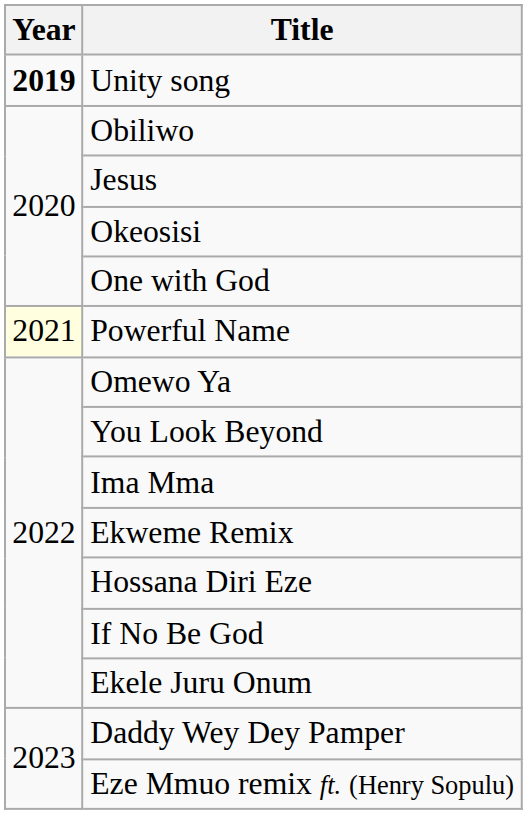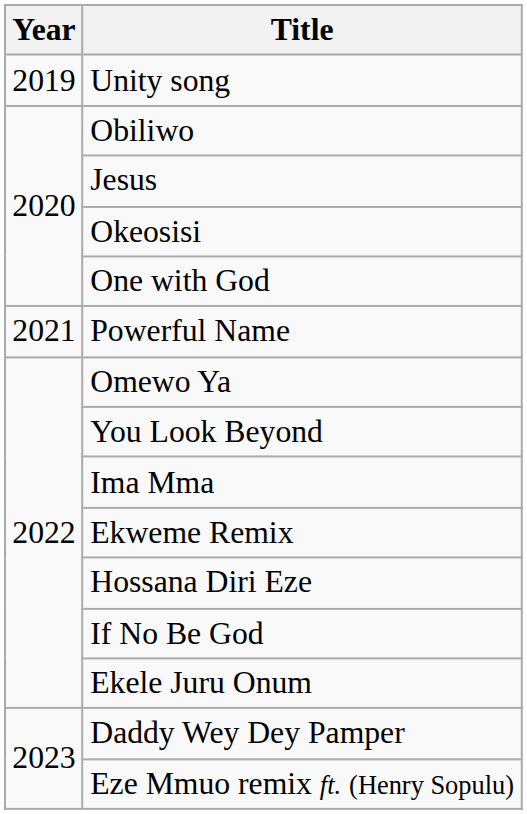 <table class="wikitable">
 <tr>
 <th>Year</th>
 <th>Title</th>
 </tr>
 <tr>
-<td><strong>2019</strong></td>
+<td>2019</td>
 <td>Unity song</td>
 </tr>
 <tr>
 <td rowspan="4">2020</td>
 <td>Obiliwo</td>
 </tr>
 <tr>
 <td>Jesus</td>
 </tr>
 <tr>
 <td>Okeosisi</td>
 </tr>
 <tr>
 <td>One with God</td>
 </tr>
 <tr>
-<td style="background: lightyellow;">2021</td>
+<td>2021</td>
 <td>Powerful Name</td>
 </tr>
 <tr>
 <td rowspan="7">2022</td>
 <td>Omewo Ya</td>
 </tr>
 <tr>
 <td>You Look Beyond</td>
 </tr>
 <tr>
 <td>Ima Mma</td>
 </tr>
 <tr>
 <td>Ekweme Remix</td>
 </tr>
 <tr>
 <td>Hossana  Diri Eze</td>
 </tr>
 <tr>
 <td>If No Be God</td>
 </tr>
 <tr>
 <td>Ekele Juru Onum</td>
 </tr>
 <tr>
 <td rowspan="2">2023</td>
 <td>Daddy Wey Dey Pamper</td>
 </tr>
 <tr>
 <td>Eze Mmuo remix <em><small>ft.</small></em> <small>(</small><small>Henry Sopulu)</small></td>
 </tr>
 </table>
